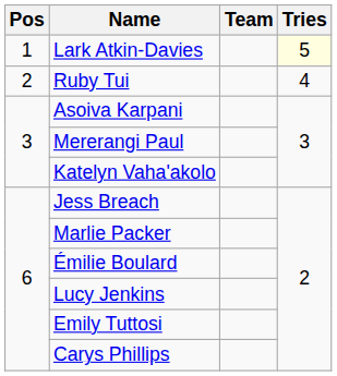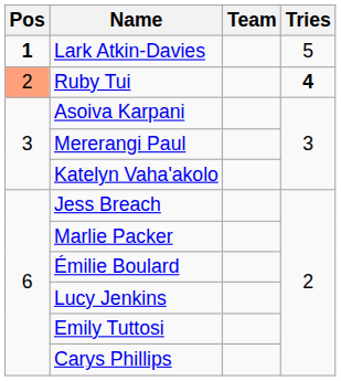 <table class="wikitable" style="text-align:center">
 <tr>
 <th>Pos</th>
 <th>Name</th>
 <th>Team</th>
 <th>Tries</th>
 </tr>
 <tr>
-<td>1</td>
+<td><strong>1</strong></td>
 <td align="left"><a href='#'>Lark Atkin-Davies</a></td>
 <td align="left"></td>
-<td style="background: lightyellow;">5</td>
+<td>5</td>
 </tr>
 <tr>
-<td>2</td>
+<td style="background: lightsalmon;">2</td>
 <td align="left"><a href='#'>Ruby Tui</a></td>
 <td align="left"></td>
-<td>4</td>
+<td><strong>4</strong></td>
 </tr>
 <tr>
 <td rowspan=3>3</td>
 <td align="left"><a href='#'>Asoiva Karpani</a></td>
 <td align="left"></td>
 <td rowspan=3>3</td>
 </tr>
 <tr>
 <td align="left"><a href='#'>Mererangi Paul</a></td>
 <td align="left"></td>
 </tr>
 <tr>
 <td align="left"><a href='#'>Katelyn Vaha'akolo</a></td>
 <td align="left"></td>
 </tr>
 <tr>
 <td rowspan=6>6</td>
 <td align="left"><a href='#'>Jess Breach</a></td>
 <td align="left"></td>
 <td rowspan=6>2</td>
 </tr>
 <tr>
 <td align="left"><a href='#'>Marlie Packer</a></td>
 <td align="left"></td>
 </tr>
 <tr>
 <td align="left"><a href='#'>Émilie Boulard</a></td>
 <td align="left"></td>
 </tr>
 <tr>
 <td align="left"><a href='#'>Lucy Jenkins</a></td>
 <td align="left"></td>
 </tr>
 <tr>
 <td align="left"><a href='#'>Emily Tuttosi</a></td>
 <td align="left"></td>
 </tr>
 <tr>
 <td align="left"><a href='#'>Carys Phillips</a></td>
 <td align="left"></td>
 </tr>
 </table>
